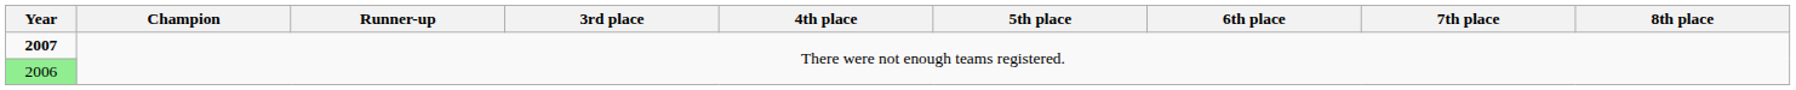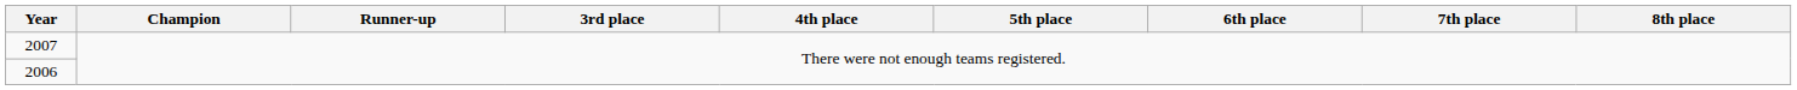 <table class="wikitable" style="font-size:90%; text-align:center; width:100%;">
 <tr>
 <th width="4%">Year</th>
 <th width="12%">Champion</th>
 <th width="12%">Runner-up</th>
 <th width="12%">3rd place</th>
 <th width="12%">4th place</th>
 <th width="12%">5th place</th>
 <th width="12%">6th place</th>
 <th width="12%">7th place</th>
 <th width="12%">8th place</th>
 </tr>
 <tr>
-<td><strong>2007</strong></td>
+<td>2007</td>
 <td rowspan="2" colspan="8">There were not enough teams registered.</td>
 </tr>
 <tr>
-<td style="background: lightgreen;">2006</td>
+<td>2006</td>
 </tr>
 </table>
